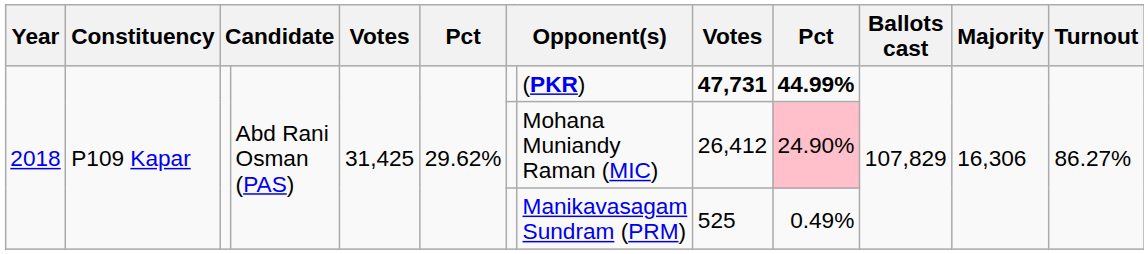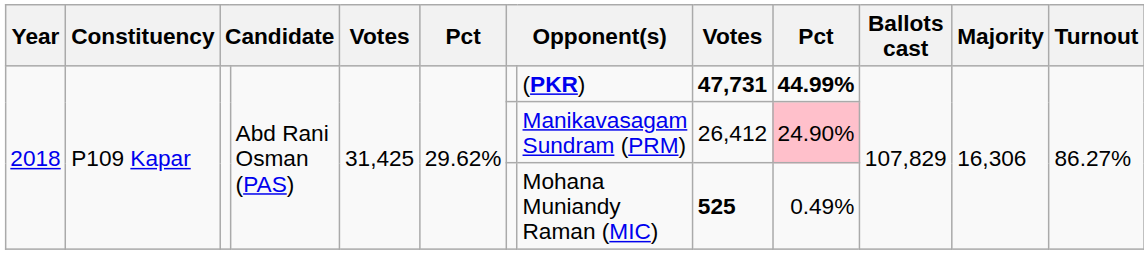 <table class="wikitable" style="margin:0.5em ; font-size:95%">
 <tr>
 <th>Year</th>
 <th>Constituency</th>
 <th colspan=2>Candidate</th>
 <th>Votes</th>
 <th>Pct</th>
 <th colspan=2>Opponent(s)</th>
 <th>Votes</th>
 <th>Pct</th>
 <th>Ballots cast</th>
 <th>Majority</th>
 <th>Turnout</th>
 </tr>
 <tr>
 <td rowspan=3><a href='#'>2018</a></td>
 <td rowspan=3>P109 <a href='#'>Kapar</a></td>
 <td rowspan=3  ></td>
 <td rowspan=3>Abd Rani Osman (<a href='#'>PAS</a>)</td>
 <td rowspan=3 align="right">31,425</td>
 <td rowspan=3>29.62%</td>
 <td></td>
 <td> (<a href='#'><strong>PKR</strong></a>)</td>
 <td align="right"><strong>47,731</strong></td>
 <td><strong>44.99%</strong></td>
 <td rowspan=3>107,829</td>
 <td rowspan=3>16,306</td>
 <td rowspan=3>86.27%</td>
 </tr>
 <tr>
 <td></td>
-<td>Mohana Muniandy Raman (<a href='#'>MIC</a>)</td>
+<td><a href='#'>Manikavasagam Sundram</a> (<a href='#'>PRM</a>)</td>
 <td align="right">26,412</td>
 <td style="background: pink;">24.90%</td>
 </tr>
 <tr>
 <td bgcolor=></td>
-<td><a href='#'>Manikavasagam Sundram</a> (<a href='#'>PRM</a>)</td>
-<td align=“right”>525</td>
+<td>Mohana Muniandy Raman (<a href='#'>MIC</a>)</td>
+<td align=“right”><strong>525</strong></td>
 <td align=right>0.49%</td>
 </tr>
 </table>
